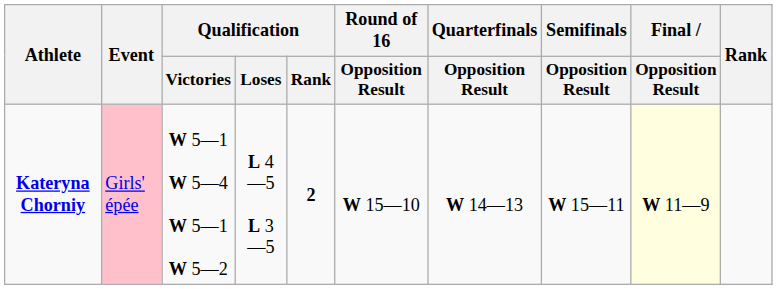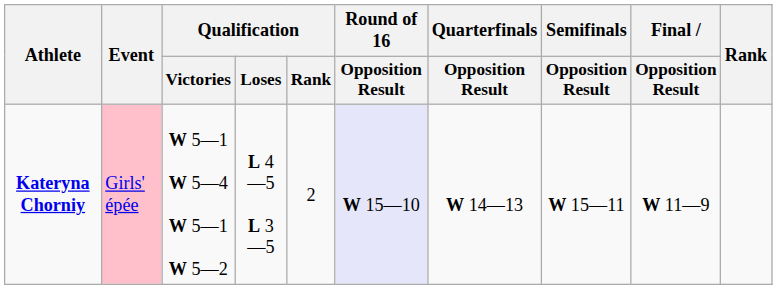 <table class="wikitable" style="font-size:90%">
 <tr>
 <th rowspan=2>Athlete</th>
 <th rowspan=2>Event</th>
 <th colspan=3>Qualification</th>
 <th>Round of 16</th>
 <th>Quarterfinals</th>
 <th>Semifinals</th>
 <th>Final / </th>
 <th rowspan=2>Rank</th>
 </tr>
 <tr style="font-size:95%">
 <th>Victories</th>
 <th>Loses</th>
 <th>Rank</th>
 <th>Opposition <br>Result</th>
 <th>Opposition <br>Result</th>
 <th>Opposition <br>Result</th>
 <th>Opposition <br>Result</th>
 </tr>
 <tr align=center>
 <td><strong><a href='#'>Kateryna Chorniy</a></strong></td>
 <td align="left" style="background: pink;"><a href='#'>Girls' épée</a></td>
 <td><br><strong>W</strong> 5—1<br><br><strong>W</strong> 5—4<br><br><strong>W</strong> 5—1<br><br><strong>W</strong> 5—2<br></td>
 <td><br><strong>L</strong> 4—5<br><br><strong>L</strong> 3—5<br></td>
-<td><strong>2</strong></td>
-<td><br><strong>W</strong> 15—10</td>
+<td>2</td>
+<td style="background: lavender;"><br><strong>W</strong> 15—10</td>
 <td><br><strong>W</strong> 14—13</td>
 <td><br><strong>W</strong> 15—11</td>
-<td style="background: lightyellow;"><br><strong>W</strong> 11—9</td>
+<td><br><strong>W</strong> 11—9</td>
 <td></td>
 </tr>
 </table>
